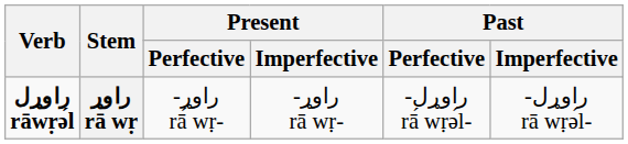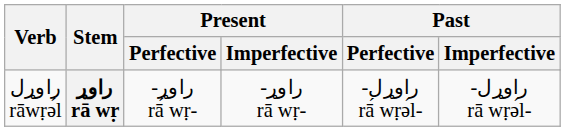 <table class="wikitable" style="text-align: center">
 <tr>
 <th rowspan="3">Verb</th>
 <th rowspan="3">Stem</th>
 <th colspan="2">Present</th>
 <th colspan="2">Past</th>
 </tr>
 <tr>
 <th>Perfective</th>
 <th>Imperfective</th>
 <th>Perfective</th>
 <th>Imperfective</th>
 </tr>
 <tr>
 <td rowspan="2">-راوړ<br>rā́ wṛ-</td>
 <td rowspan="2">-راوړ<br>rā wṛ-</td>
 <td rowspan="2">-راوړل<br>rā́ wṛә́l-</td>
 <td rowspan="2">-راوړل<br>rā wṛә́l-</td>
 </tr>
 <tr>
-<td><strong>راوړل<br>rāwṛә́l</strong></td>
+<td>راوړل<br>rāwṛә́l</td>
 <th>راوړ<br>rā wṛ</th>
 </tr>
 </table>
